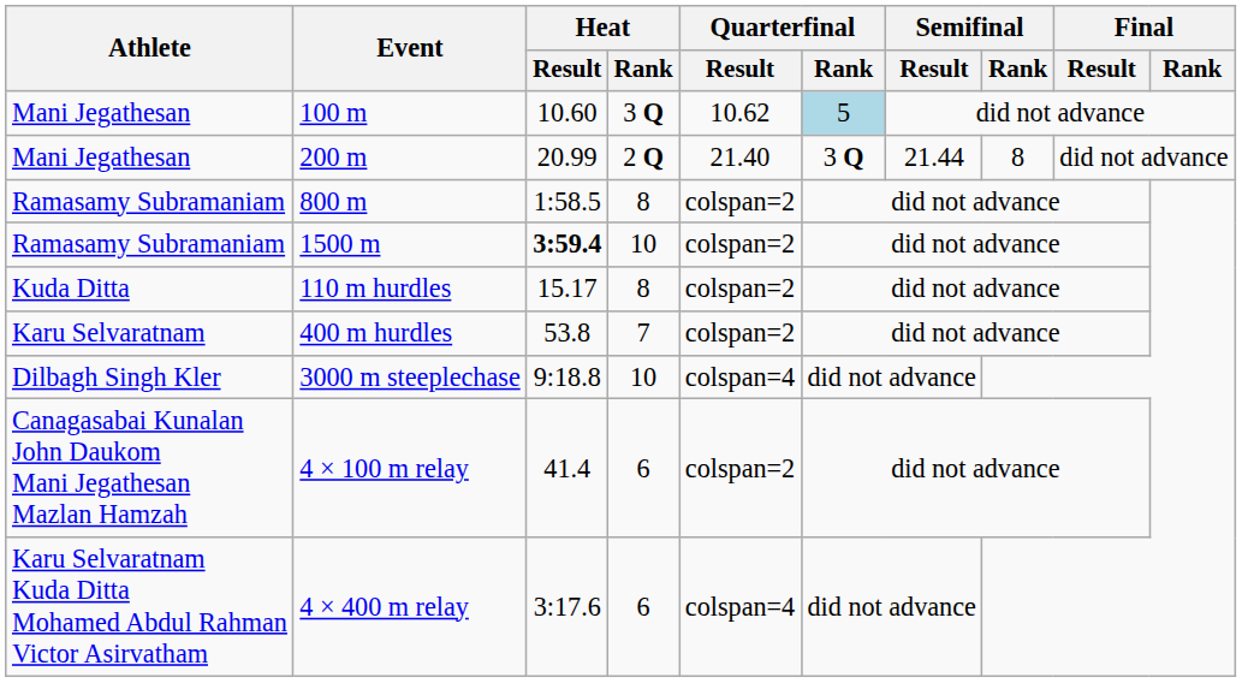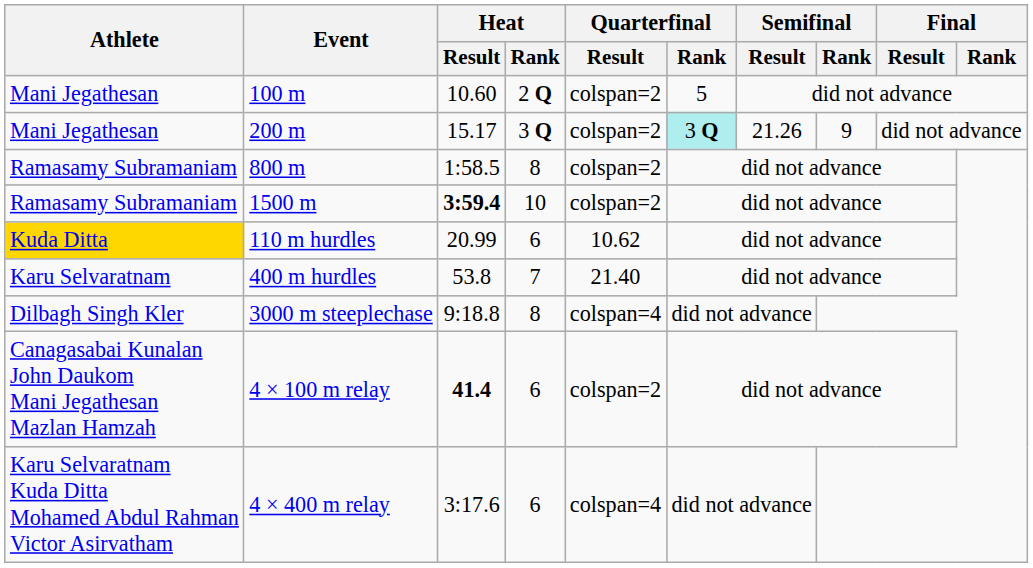 <table class="wikitable" style="font-size:90%">
 <tr>
 <th rowspan="2">Athlete</th>
 <th rowspan="2">Event</th>
 <th colspan="2">Heat</th>
 <th colspan="2">Quarterfinal</th>
 <th colspan="2">Semifinal</th>
 <th colspan="2">Final</th>
 </tr>
 <tr style="font-size:95%">
 <th>Result</th>
 <th>Rank</th>
 <th>Result</th>
 <th>Rank</th>
 <th>Result</th>
 <th>Rank</th>
 <th>Result</th>
 <th>Rank</th>
 </tr>
 <tr align=center>
 <td align=left><a href='#'>Mani Jegathesan</a></td>
 <td align=left><a href='#'>100 m</a></td>
 <td>10.60</td>
-<td>3 <strong>Q</strong></td>
-<td>10.62</td>
-<td style="background: lightblue;">5</td>
+<td>2 <strong>Q</strong></td>
+<td>colspan=2 </td>
+<td>5</td>
 <td colspan=4>did not advance</td>
 </tr>
 <tr align=center>
 <td align=left><a href='#'>Mani Jegathesan</a></td>
 <td align=left><a href='#'>200 m</a></td>
-<td>20.99</td>
-<td>2 <strong>Q</strong></td>
-<td>21.40</td>
+<td>15.17</td>
 <td>3 <strong>Q</strong></td>
-<td>21.44</td>
-<td>8</td>
+<td>colspan=2 </td>
+<td style="background: paleturquoise;">3 <strong>Q</strong></td>
+<td>21.26</td>
+<td>9</td>
 <td colspan=2>did not advance</td>
 </tr>
 <tr align=center>
 <td align=left><a href='#'>Ramasamy Subramaniam</a></td>
 <td align=left><a href='#'>800 m</a></td>
 <td>1:58.5</td>
 <td>8</td>
 <td>colspan=2 </td>
 <td colspan=4>did not advance</td>
 </tr>
 <tr align=center>
 <td align=left><a href='#'>Ramasamy Subramaniam</a></td>
 <td align=left><a href='#'>1500 m</a></td>
 <td><strong>3:59.4</strong></td>
 <td>10</td>
 <td>colspan=2 </td>
 <td colspan=4>did not advance</td>
 </tr>
 <tr align=center>
-<td align=left><a href='#'>Kuda Ditta</a></td>
+<td align=left style="background: gold;"><a href='#'>Kuda Ditta</a></td>
 <td align=left><a href='#'>110 m hurdles</a></td>
-<td>15.17</td>
-<td>8</td>
-<td>colspan=2 </td>
+<td>20.99</td>
+<td>6</td>
+<td>10.62</td>
 <td colspan=4>did not advance</td>
 </tr>
 <tr align=center>
 <td align=left><a href='#'>Karu Selvaratnam</a></td>
 <td align=left><a href='#'>400 m hurdles</a></td>
 <td>53.8</td>
 <td>7</td>
-<td>colspan=2 </td>
+<td>21.40</td>
 <td colspan=4>did not advance</td>
 </tr>
 <tr align=center>
 <td align=left><a href='#'>Dilbagh Singh Kler</a></td>
 <td align=left><a href='#'>3000 m steeplechase</a></td>
 <td>9:18.8</td>
-<td>10</td>
+<td>8</td>
 <td>colspan=4 </td>
 <td colspan=2>did not advance</td>
 </tr>
 <tr align=center>
 <td align=left><a href='#'>Canagasabai Kunalan</a><br><a href='#'>John Daukom</a><br><a href='#'>Mani Jegathesan</a><br><a href='#'>Mazlan Hamzah</a></td>
 <td align=left><a href='#'>4 × 100 m relay</a></td>
-<td>41.4</td>
+<td><strong>41.4</strong></td>
 <td>6</td>
 <td>colspan=2 </td>
 <td colspan=4>did not advance</td>
 </tr>
 <tr align=center>
 <td align=left><a href='#'>Karu Selvaratnam</a><br><a href='#'>Kuda Ditta</a><br><a href='#'>Mohamed Abdul Rahman</a><br><a href='#'>Victor Asirvatham</a></td>
 <td align=left><a href='#'>4 × 400 m relay</a></td>
 <td>3:17.6</td>
 <td>6</td>
 <td>colspan=4 </td>
 <td colspan=2>did not advance</td>
 </tr>
 </table>
